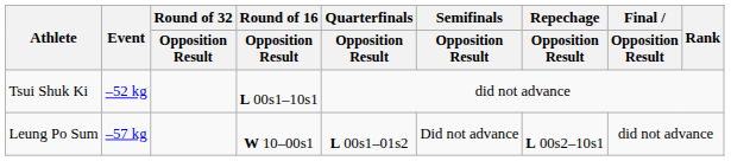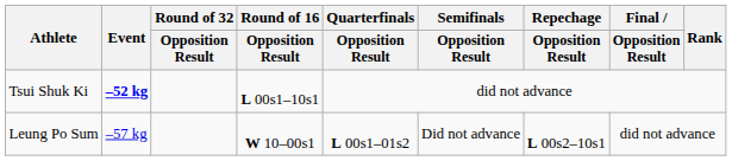 <table class=wikitable style=font-size:90%;text-align:center>
 <tr>
 <th rowspan="2">Athlete</th>
 <th rowspan="2">Event</th>
 <th>Round of 32</th>
 <th>Round of 16</th>
 <th>Quarterfinals</th>
 <th>Semifinals</th>
 <th>Repechage</th>
 <th>Final / </th>
 <th rowspan=2>Rank</th>
 </tr>
 <tr style="font-size:95%">
 <th>Opposition<br>Result</th>
 <th>Opposition<br>Result</th>
 <th>Opposition<br>Result</th>
 <th>Opposition<br>Result</th>
 <th>Opposition<br>Result</th>
 <th>Opposition<br>Result</th>
 </tr>
 <tr>
 <td align=left>Tsui Shuk Ki</td>
-<td align=left><a href='#'>–52 kg</a></td>
+<td align=left><strong><a href='#'>–52 kg</a></strong></td>
 <td></td>
 <td><br><strong>L</strong> 00s1–10s1</td>
 <td colspan=5>did not advance</td>
 </tr>
 <tr>
 <td align=left>Leung Po Sum</td>
 <td align=left><a href='#'>–57 kg</a></td>
 <td></td>
 <td><br><strong>W</strong> 10–00s1</td>
 <td><br><strong>L</strong> 00s1–01s2</td>
 <td>Did not advance</td>
 <td><br><strong>L</strong> 00s2–10s1</td>
 <td colspan=2>did not advance</td>
 </tr>
 </table>
